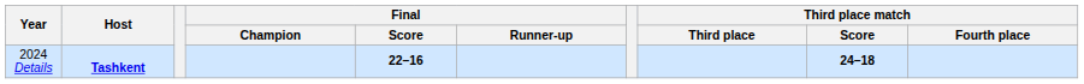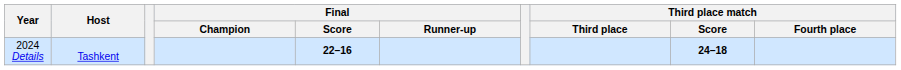 <table class="wikitable" style="font-size:90%; width: 98%; text-align: center;">
 <tr bgcolor=#C1D8FF>
 <th rowspan=2 width=5%>Year</th>
 <th rowspan=2 width=10%>Host</th>
 <th width=1% rowspan=6 bgcolor=ffffff></th>
 <th colspan=3>Final</th>
 <th width=1% rowspan=6 bgcolor=ffffff></th>
 <th colspan=3>Third place match</th>
 </tr>
 <tr bgcolor=#EFEFEF>
 <th width=15%>Champion</th>
 <th width=9%>Score</th>
 <th width=15%>Runner-up</th>
 <th width=15%>Third place</th>
 <th width=9%>Score</th>
 <th width=15%>Fourth place</th>
 </tr>
 <tr bgcolor=#D0E7FF>
 <td>2024<br><em><a href='#'>Details</a></em></td>
-<td><strong><br><a href='#'>Tashkent</a></strong></td>
+<td><br><a href='#'>Tashkent</a></td>
 <td><strong></strong></td>
 <td><strong>22–16</strong></td>
 <td></td>
 <td></td>
 <td><strong>24–18</strong></td>
 <td></td>
 </tr>
 </table>
